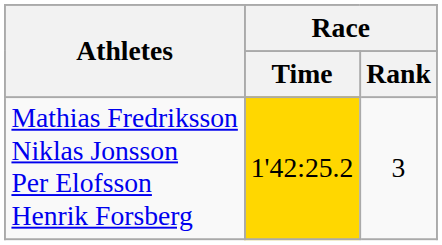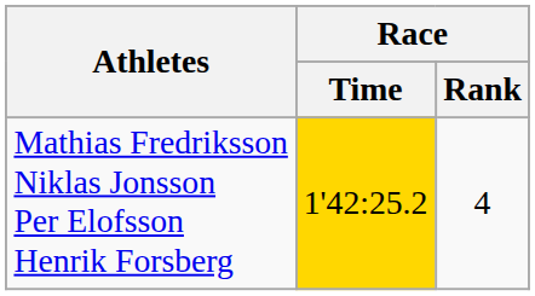 <table class="wikitable" border="1" style="font-size:90%">
 <tr>
 <th rowspan=2>Athletes</th>
 <th colspan=2>Race</th>
 </tr>
 <tr>
 <th>Time</th>
 <th>Rank</th>
 </tr>
 <tr>
 <td><a href='#'>Mathias Fredriksson</a><br><a href='#'>Niklas Jonsson</a><br><a href='#'>Per Elofsson</a><br><a href='#'>Henrik Forsberg</a></td>
 <td align=center style="background: gold;">1'42:25.2</td>
-<td align=center>3</td>
+<td align=center>4</td>
 </tr>
 </table>
